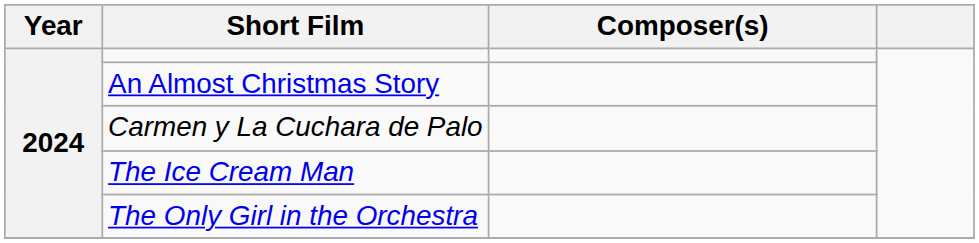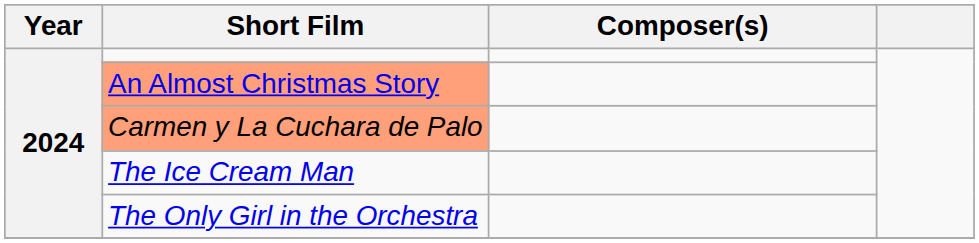 <table class="wikitable sortable">
 <tr>
 <th scope=col width="10%">Year</th>
 <th scope=col width="40%">Short Film</th>
 <th scope=col width="40%">Composer(s)</th>
 <th scope=col width="10%"></th>
 </tr>
 <tr>
 <th scope=rowgroup rowspan=5>2024</th>
 <td></td>
 <td></td>
 <td rowspan="5"></td>
 </tr>
 <tr>
-<td><a href='#'>An Almost Christmas Story</a></td>
+<td style="background: lightsalmon;"><a href='#'>An Almost Christmas Story</a></td>
 <td></td>
 </tr>
 <tr>
-<td><em>Carmen y La Cuchara de Palo</em></td>
+<td style="background: lightsalmon;"><em>Carmen y La Cuchara de Palo</em></td>
 <td></td>
 </tr>
 <tr>
 <td><em><a href='#'>The Ice Cream Man</a></em></td>
 <td></td>
 </tr>
 <tr>
 <td><em><a href='#'>The Only Girl in the Orchestra</a></em></td>
 <td></td>
 </tr>
 <tr>
 </tr>
 </table>
